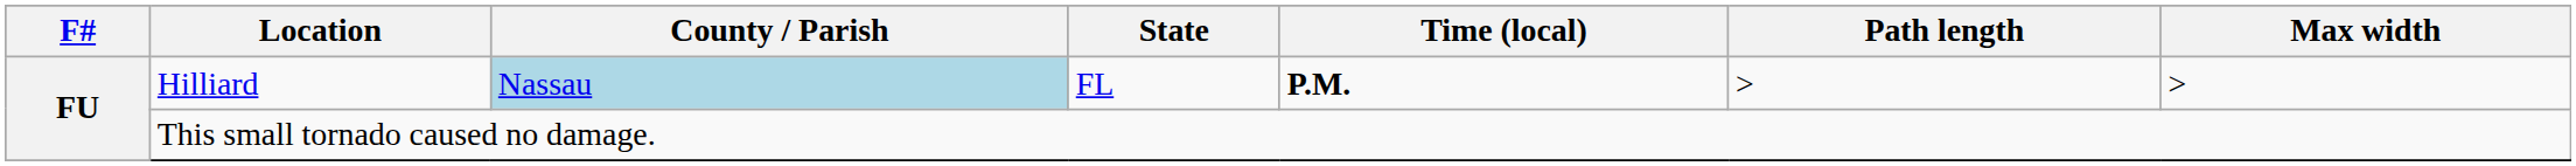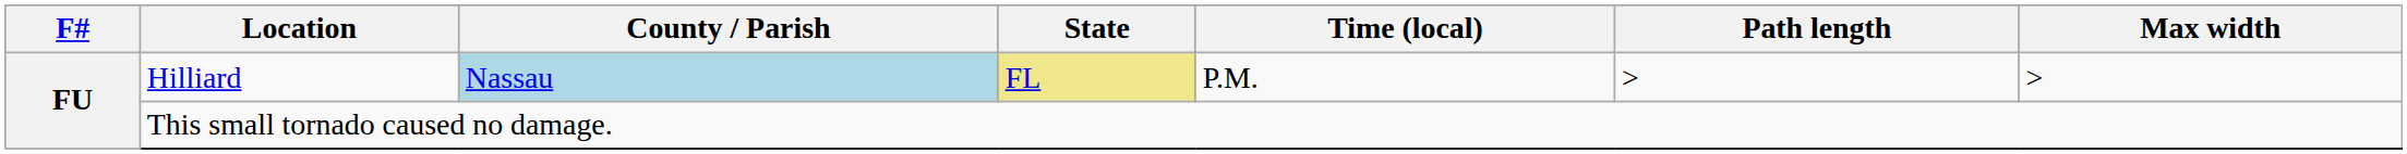 <table class="wikitable sortable" style="width:100%;">
 <tr>
 <th scope="col" align="center"><a href='#'>F#</a><br></th>
 <th scope="col" align="center" class="unsortable">Location</th>
 <th scope="col" align="center" class="unsortable">County / Parish</th>
 <th scope="col" align="center">State</th>
 <th scope="col" align="center">Time (local)</th>
 <th scope="col" align="center">Path length</th>
 <th scope="col" align="center">Max width</th>
 </tr>
 <tr>
 <th scope="row" rowspan="2" style="background-color:#">FU</th>
 <td><a href='#'>Hilliard</a></td>
 <td style="background: lightblue;"><a href='#'>Nassau</a></td>
-<td><a href='#'>FL</a></td>
-<td><strong>P.M.</strong></td>
+<td style="background: khaki;"><a href='#'>FL</a></td>
+<td>P.M.</td>
 <td>></td>
 <td>></td>
 </tr>
 <tr class="expand-child">
 <td colspan="6" style="border-bottom: 1px solid black;">This small tornado caused no damage.</td>
 </tr>
 </table>
